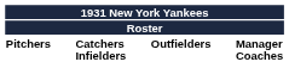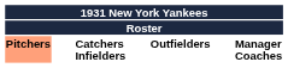 <table class="toccolours" style="font-size: 95%;">
 <tr>
 <th colspan="10" style="background-color: #1c2841; color: white; text-align: center;">1931 New York Yankees</th>
 </tr>
 <tr>
 <td colspan="10" style="background-color: #1c2841; color: white; text-align: center;"><strong>Roster</strong></td>
 </tr>
 <tr>
-<td valign="top"><strong>Pitchers</strong><br>           </td>
+<td valign="top" style="background: lightsalmon;"><strong>Pitchers</strong><br>           </td>
 <td width="25px"></td>
 <td valign="top"><strong>Catchers</strong><br>   <strong>Infielders</strong>      </td>
 <td width="25px"></td>
 <td valign="top"><strong>Outfielders</strong><br>      </td>
 <td width="25px"></td>
 <td valign="top"><strong>Manager</strong><br> <strong>Coaches</strong>  </td>
 </tr>
 </table>
